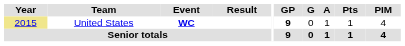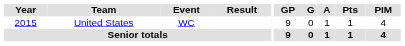 <table border="0" cellpadding="1" cellspacing="0" ID="Table3" style="text-align:center; width:40em">
 <tr ALIGN="center" bgcolor="#e0e0e0">
 <th>Year</th>
 <th>Team</th>
 <th>Event</th>
 <th>Result</th>
 <th rowspan="99" bgcolor="#ffffff"></th>
 <th>GP</th>
 <th>G</th>
 <th>A</th>
 <th>Pts</th>
 <th>PIM</th>
 </tr>
 <tr>
-<td style="background: khaki;"><a href='#'>2015</a></td>
+<td><a href='#'>2015</a></td>
 <td><a href='#'>United States</a></td>
-<td><strong><a href='#'>WC</a></strong></td>
+<td><a href='#'>WC</a></td>
 <td></td>
-<td><strong>9</strong></td>
+<td>9</td>
 <td>0</td>
 <td>1</td>
 <td>1</td>
 <td>4</td>
 </tr>
 <tr bgcolor="#e0e0e0">
 <th colspan="4">Senior totals</th>
 <th>9</th>
 <th>0</th>
 <th>1</th>
 <th>1</th>
 <th>4</th>
 </tr>
 </table>
